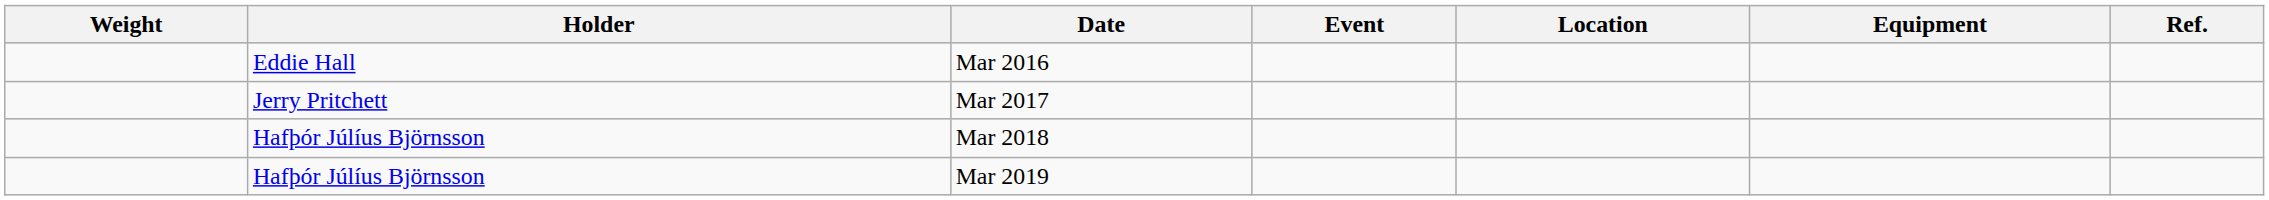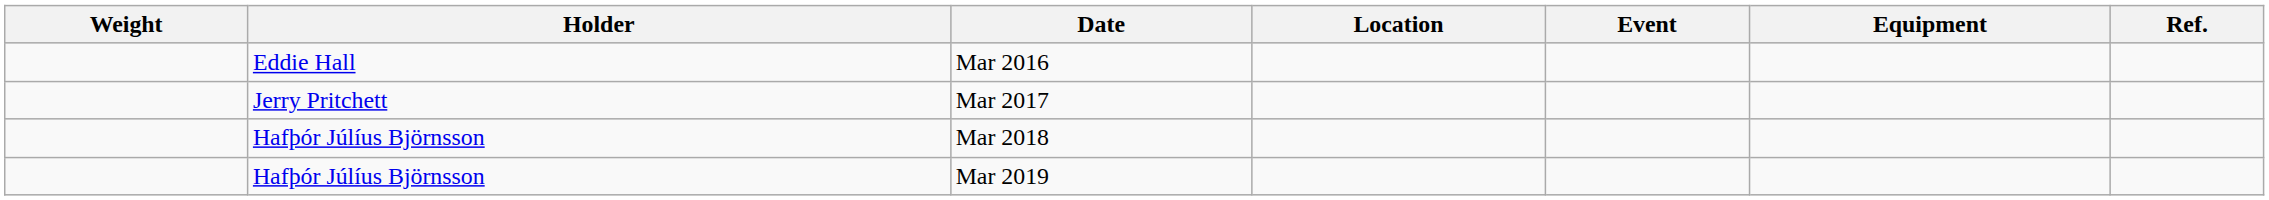 <table class="wikitable sortable" style="display: inline-table;width: 120%;">
 <tr>
 <th scope="col">Weight</th>
 <th scope="col">Holder</th>
 <th scope="col" class="unsortable">Date</th>
+<th scope="col">Location</th>
 <th scope="col" class="unsortable">Event</th>
-<th scope="col">Location</th>
 <th scope="col" class="unsortable">Equipment</th>
 <th scope="col" class="unsortable">Ref.</th>
 </tr>
 <tr>
 <td></td>
 <td> <a href='#'>Eddie Hall</a></td>
 <td>Mar 2016</td>
 <td></td>
 <td></td>
 <td></td>
 <td></td>
 </tr>
 <tr>
 <td></td>
 <td> <a href='#'>Jerry Pritchett</a></td>
 <td>Mar 2017</td>
 <td></td>
 <td></td>
 <td></td>
 <td></td>
 </tr>
 <tr>
 <td></td>
 <td> <a href='#'>Hafþór Júlíus Björnsson</a></td>
 <td>Mar 2018</td>
 <td></td>
 <td></td>
 <td></td>
 <td></td>
 </tr>
 <tr>
 <td></td>
 <td> <a href='#'>Hafþór Júlíus Björnsson</a></td>
 <td>Mar 2019</td>
 <td></td>
 <td></td>
 <td></td>
 <td></td>
 </tr>
 </table>
